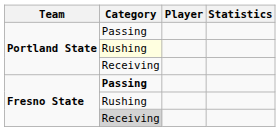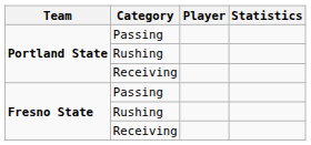 <table class="wikitable" style="float: left;">
 <tr>
 <th>Team</th>
 <th>Category</th>
 <th>Player</th>
 <th>Statistics</th>
 </tr>
 <tr>
 <td rowspan=3><strong>Portland State</strong></td>
 <td>Passing</td>
 <td></td>
 <td></td>
 </tr>
 <tr>
-<td style="background: lightyellow;">Rushing</td>
+<td>Rushing</td>
 <td></td>
 <td></td>
 </tr>
 <tr>
 <td>Receiving</td>
 <td></td>
 <td></td>
 </tr>
 <tr>
 <td rowspan=3><strong>Fresno State</strong></td>
-<td><strong>Passing</strong></td>
+<td>Passing</td>
 <td></td>
 <td></td>
 </tr>
 <tr>
 <td>Rushing</td>
 <td></td>
 <td></td>
 </tr>
 <tr>
-<td style="background: lightgrey;">Receiving</td>
+<td>Receiving</td>
 <td></td>
 <td></td>
 </tr>
 </table>
